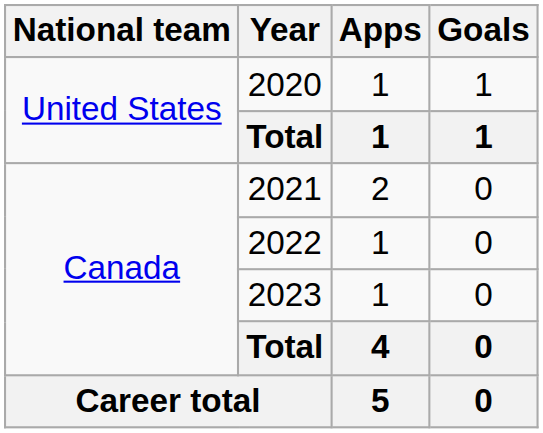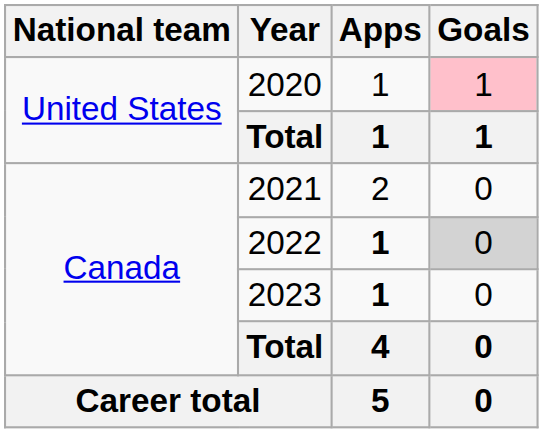 <table class="wikitable" style="text-align:center">
 <tr>
 <th>National team</th>
 <th>Year</th>
 <th>Apps</th>
 <th>Goals</th>
 </tr>
 <tr>
 <td rowspan=2><a href='#'>United States</a></td>
 <td>2020</td>
 <td>1</td>
-<td>1</td>
+<td style="background: pink;">1</td>
 </tr>
 <tr>
 <th>Total</th>
 <th>1</th>
 <th>1</th>
 </tr>
 <tr>
 <td rowspan=4><a href='#'>Canada</a></td>
 <td>2021</td>
 <td>2</td>
 <td>0</td>
 </tr>
 <tr>
 <td>2022</td>
-<td>1</td>
-<td>0</td>
+<td><strong>1</strong></td>
+<td style="background: lightgrey;">0</td>
 </tr>
 <tr>
 <td>2023</td>
-<td>1</td>
+<td><strong>1</strong></td>
 <td>0</td>
 </tr>
 <tr>
 <th>Total</th>
 <th>4</th>
 <th>0</th>
 </tr>
 <tr>
 <th colspan=2>Career total</th>
 <th>5</th>
 <th>0</th>
 </tr>
 </table>
